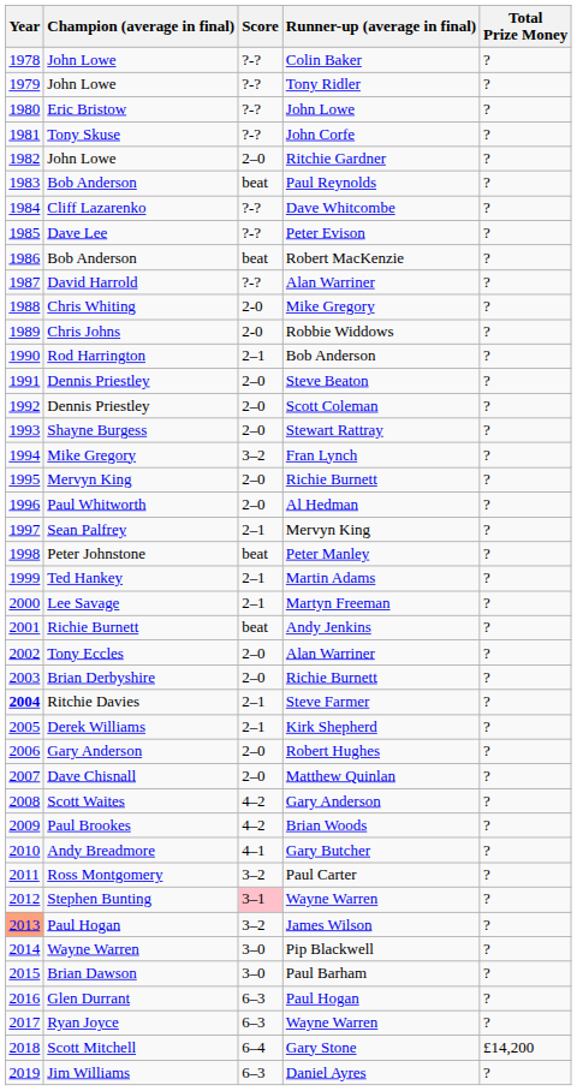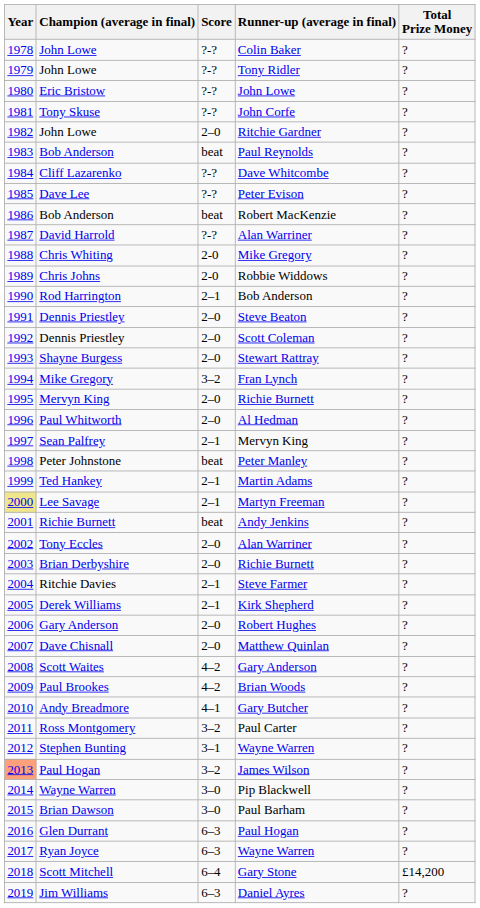 <table class="wikitable">
 <tr>
 <th>Year</th>
 <th>Champion (average in final)</th>
 <th>Score</th>
 <th>Runner-up (average in final)</th>
 <th>Total<br>Prize Money</th>
 </tr>
 <tr>
 <td><a href='#'>1978</a></td>
 <td> <a href='#'>John Lowe</a></td>
 <td>?-?</td>
 <td> <a href='#'>Colin Baker</a></td>
 <td>?</td>
 </tr>
 <tr>
 <td><a href='#'>1979</a></td>
 <td> John Lowe</td>
 <td>?-?</td>
 <td> <a href='#'>Tony Ridler</a></td>
 <td>?</td>
 </tr>
 <tr>
 <td><a href='#'>1980</a></td>
 <td> <a href='#'>Eric Bristow</a></td>
 <td>?-?</td>
 <td> <a href='#'>John Lowe</a></td>
 <td>?</td>
 </tr>
 <tr>
 <td><a href='#'>1981</a></td>
 <td> <a href='#'>Tony Skuse</a></td>
 <td>?-?</td>
 <td> <a href='#'>John Corfe</a></td>
 <td>?</td>
 </tr>
 <tr>
 <td><a href='#'>1982</a></td>
 <td> John Lowe</td>
 <td>2–0</td>
 <td> <a href='#'>Ritchie Gardner</a></td>
 <td>?</td>
 </tr>
 <tr>
 <td><a href='#'>1983</a></td>
 <td> <a href='#'>Bob Anderson</a></td>
 <td>beat</td>
 <td> <a href='#'>Paul Reynolds</a></td>
 <td>?</td>
 </tr>
 <tr>
 <td><a href='#'>1984</a></td>
 <td> <a href='#'>Cliff Lazarenko</a></td>
 <td>?-?</td>
 <td> <a href='#'>Dave Whitcombe</a></td>
 <td>?</td>
 </tr>
 <tr>
 <td><a href='#'>1985</a></td>
 <td> <a href='#'>Dave Lee</a></td>
 <td>?-?</td>
 <td> <a href='#'>Peter Evison</a></td>
 <td>?</td>
 </tr>
 <tr>
 <td><a href='#'>1986</a></td>
 <td> Bob Anderson</td>
 <td>beat</td>
 <td> Robert MacKenzie</td>
 <td>?</td>
 </tr>
 <tr>
 <td><a href='#'>1987</a></td>
 <td> <a href='#'>David Harrold</a></td>
 <td>?-?</td>
 <td> <a href='#'>Alan Warriner</a></td>
 <td>?</td>
 </tr>
 <tr>
 <td><a href='#'>1988</a></td>
 <td> <a href='#'>Chris Whiting</a></td>
 <td>2-0</td>
 <td> <a href='#'>Mike Gregory</a></td>
 <td>?</td>
 </tr>
 <tr>
 <td><a href='#'>1989</a></td>
 <td> <a href='#'>Chris Johns</a></td>
 <td>2-0</td>
 <td> Robbie Widdows</td>
 <td>?</td>
 </tr>
 <tr>
 <td><a href='#'>1990</a></td>
 <td> <a href='#'>Rod Harrington</a></td>
 <td>2–1</td>
 <td> Bob Anderson</td>
 <td>?</td>
 </tr>
 <tr>
 <td><a href='#'>1991</a></td>
 <td> <a href='#'>Dennis Priestley</a></td>
 <td>2–0</td>
 <td> <a href='#'>Steve Beaton</a></td>
 <td>?</td>
 </tr>
 <tr>
 <td><a href='#'>1992</a></td>
 <td> Dennis Priestley</td>
 <td>2–0</td>
 <td> <a href='#'>Scott Coleman</a></td>
 <td>?</td>
 </tr>
 <tr>
 <td><a href='#'>1993</a></td>
 <td> <a href='#'>Shayne Burgess</a></td>
 <td>2–0</td>
 <td> <a href='#'>Stewart Rattray</a></td>
 <td>?</td>
 </tr>
 <tr>
 <td><a href='#'>1994</a></td>
 <td> <a href='#'>Mike Gregory</a></td>
 <td>3–2</td>
 <td> <a href='#'>Fran Lynch</a></td>
 <td>?</td>
 </tr>
 <tr>
 <td><a href='#'>1995</a></td>
 <td> <a href='#'>Mervyn King</a></td>
 <td>2–0</td>
 <td> <a href='#'>Richie Burnett</a></td>
 <td>?</td>
 </tr>
 <tr>
 <td><a href='#'>1996</a></td>
 <td> <a href='#'>Paul Whitworth</a></td>
 <td>2–0</td>
 <td> <a href='#'>Al Hedman</a></td>
 <td>?</td>
 </tr>
 <tr>
 <td><a href='#'>1997</a></td>
 <td> <a href='#'>Sean Palfrey</a></td>
 <td>2–1</td>
 <td> Mervyn King</td>
 <td>?</td>
 </tr>
 <tr>
 <td><a href='#'>1998</a></td>
 <td> Peter Johnstone</td>
 <td>beat</td>
 <td> <a href='#'>Peter Manley</a></td>
 <td>?</td>
 </tr>
 <tr>
 <td><a href='#'>1999</a></td>
 <td> <a href='#'>Ted Hankey</a></td>
 <td>2–1</td>
 <td> <a href='#'>Martin Adams</a></td>
 <td>?</td>
 </tr>
 <tr>
-<td><a href='#'>2000</a></td>
+<td style="background: khaki;"><a href='#'>2000</a></td>
 <td> <a href='#'>Lee Savage</a></td>
 <td>2–1</td>
 <td> <a href='#'>Martyn Freeman</a></td>
 <td>?</td>
 </tr>
 <tr>
 <td><a href='#'>2001</a></td>
 <td> <a href='#'>Richie Burnett</a></td>
 <td>beat</td>
 <td> <a href='#'>Andy Jenkins</a></td>
 <td>?</td>
 </tr>
 <tr>
 <td><a href='#'>2002</a></td>
 <td> <a href='#'>Tony Eccles</a></td>
 <td>2–0</td>
 <td> <a href='#'>Alan Warriner</a></td>
 <td>?</td>
 </tr>
 <tr>
 <td><a href='#'>2003</a></td>
 <td> <a href='#'>Brian Derbyshire</a></td>
 <td>2–0</td>
 <td> <a href='#'>Richie Burnett</a></td>
 <td>?</td>
 </tr>
 <tr>
-<td><strong><a href='#'>2004</a></strong></td>
+<td><a href='#'>2004</a></td>
 <td> Ritchie Davies</td>
 <td>2–1</td>
 <td> <a href='#'>Steve Farmer</a></td>
 <td>?</td>
 </tr>
 <tr>
 <td><a href='#'>2005</a></td>
 <td> <a href='#'>Derek Williams</a></td>
 <td>2–1</td>
 <td> <a href='#'>Kirk Shepherd</a></td>
 <td>?</td>
 </tr>
 <tr>
 <td><a href='#'>2006</a></td>
 <td> <a href='#'>Gary Anderson</a></td>
 <td>2–0</td>
 <td> <a href='#'>Robert Hughes</a></td>
 <td>?</td>
 </tr>
 <tr>
 <td><a href='#'>2007</a></td>
 <td> <a href='#'>Dave Chisnall</a></td>
 <td>2–0</td>
 <td> <a href='#'>Matthew Quinlan</a></td>
 <td>?</td>
 </tr>
 <tr>
 <td><a href='#'>2008</a></td>
 <td> <a href='#'>Scott Waites</a></td>
 <td>4–2</td>
 <td> <a href='#'>Gary Anderson</a></td>
 <td>?</td>
 </tr>
 <tr>
 <td><a href='#'>2009</a></td>
 <td> <a href='#'>Paul Brookes</a></td>
 <td>4–2</td>
 <td> <a href='#'>Brian Woods</a></td>
 <td>?</td>
 </tr>
 <tr>
 <td><a href='#'>2010</a></td>
 <td> <a href='#'>Andy Breadmore</a></td>
 <td>4–1</td>
 <td> <a href='#'>Gary Butcher</a></td>
 <td>?</td>
 </tr>
 <tr>
 <td><a href='#'>2011</a></td>
 <td> <a href='#'>Ross Montgomery</a></td>
 <td>3–2</td>
 <td> Paul Carter</td>
 <td>?</td>
 </tr>
 <tr>
 <td><a href='#'>2012</a></td>
 <td> <a href='#'>Stephen Bunting</a></td>
-<td style="background: pink;">3–1</td>
+<td>3–1</td>
 <td> <a href='#'>Wayne Warren</a></td>
 <td>?</td>
 </tr>
 <tr>
 <td style="background: lightsalmon;"><a href='#'>2013</a></td>
 <td> <a href='#'>Paul Hogan</a></td>
 <td>3–2</td>
 <td> <a href='#'>James Wilson</a></td>
 <td>?</td>
 </tr>
 <tr>
 <td><a href='#'>2014</a></td>
 <td> <a href='#'>Wayne Warren</a></td>
 <td>3–0</td>
 <td> Pip Blackwell</td>
 <td>?</td>
 </tr>
 <tr>
 <td><a href='#'>2015</a></td>
 <td> <a href='#'>Brian Dawson</a></td>
 <td>3–0</td>
 <td> Paul Barham</td>
 <td>?</td>
 </tr>
 <tr>
 <td><a href='#'>2016</a></td>
 <td> <a href='#'>Glen Durrant</a></td>
 <td>6–3</td>
 <td> <a href='#'>Paul Hogan</a></td>
 <td>?</td>
 </tr>
 <tr>
 <td><a href='#'>2017</a></td>
 <td> <a href='#'>Ryan Joyce</a></td>
 <td>6–3</td>
 <td> <a href='#'>Wayne Warren</a></td>
 <td>?</td>
 </tr>
 <tr>
 <td><a href='#'>2018</a></td>
 <td> <a href='#'>Scott Mitchell</a></td>
 <td>6–4</td>
 <td> <a href='#'>Gary Stone</a></td>
 <td>£14,200</td>
 </tr>
 <tr>
 <td><a href='#'>2019</a></td>
 <td> <a href='#'>Jim Williams</a></td>
 <td>6–3</td>
 <td> <a href='#'>Daniel Ayres</a></td>
 <td>?</td>
 </tr>
 </table>
